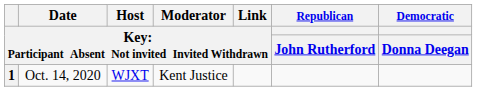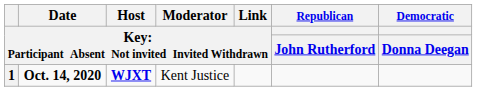 <table class="wikitable" style="text-align:center;">
 <tr>
 <th scope="col"></th>
 <th scope="col">Date</th>
 <th scope="col">Host</th>
 <th scope="col">Moderator</th>
 <th scope="col">Link</th>
 <th scope="col"><small><a href='#'>Republican</a></small></th>
 <th scope="col"><small><a href='#'>Democratic</a></small></th>
 </tr>
 <tr>
 <th colspan="5" rowspan="2">Key:<br> <small>Participant </small>  <small>Absent </small>  <small>Not invited </small>  <small>Invited  Withdrawn</small></th>
 <th scope="col" style="background:"></th>
 <th scope="col" style="background:"></th>
 </tr>
 <tr>
 <th scope="col"><a href='#'>John Rutherford</a></th>
 <th scope="col"><a href='#'>Donna Deegan</a></th>
 </tr>
 <tr>
 <th>1</th>
-<td style="white-space:nowrap;">Oct. 14, 2020</td>
-<td style="white-space:nowrap;"><a href='#'>WJXT</a></td>
+<td style="white-space:nowrap;"><strong>Oct. 14, 2020</strong></td>
+<td style="white-space:nowrap;"><strong><a href='#'>WJXT</a></strong></td>
 <td style="white-space:nowrap;">Kent Justice</td>
 <td style="white-space:nowrap;"></td>
 <td></td>
 <td></td>
 </tr>
 </table>
